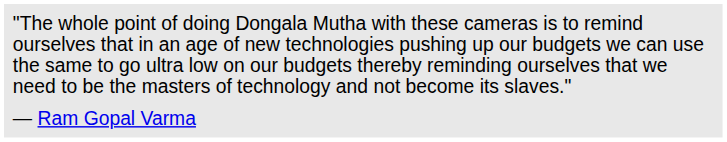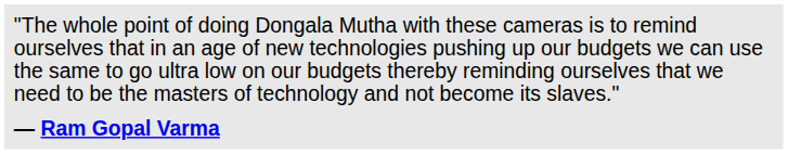 <table class="toccolours" style="float: right; margin-left: 1em; margin-right: 2em; font-size: 85%; background:#e8e8e8; color:black; width:50em; max-width: 40%;" cellspacing="5">
 <tr>
 <td style="text-align: left;">"The whole point of doing Dongala Mutha with these cameras is to remind ourselves that in an age of new technologies pushing up our budgets we can use the same to go ultra low on our budgets thereby reminding ourselves that we need to be the masters of technology and not become its slaves."</td>
 </tr>
 <tr>
-<td style="text-align: left;">— <a href='#'>Ram Gopal Varma</a></td>
+<td style="text-align: left;"><strong>— <a href='#'>Ram Gopal Varma</a></strong></td>
 </tr>
 </table>
